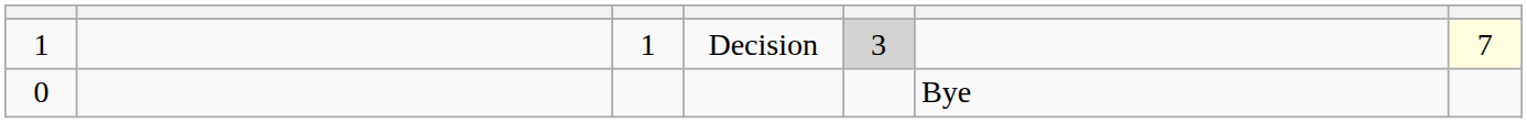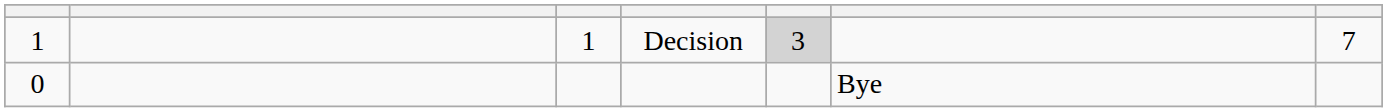 <table class="wikitable" style="text-align: center;">
 <tr>
 <th width=30></th>
 <th width=270></th>
 <th width=30></th>
 <th width=75></th>
 <th width=30></th>
 <th width=270></th>
 <th width=30></th>
 </tr>
 <tr>
 <td>1</td>
 <td align=left><strong></strong></td>
 <td>1</td>
 <td>Decision</td>
 <td style="background: lightgrey;">3</td>
 <td align=left></td>
-<td style="background: lightyellow;">7</td>
+<td>7</td>
 </tr>
 <tr>
 <td>0</td>
 <td align=left><strong></strong></td>
 <td></td>
 <td></td>
 <td></td>
 <td align=left>Bye</td>
 <td></td>
 </tr>
 </table>
